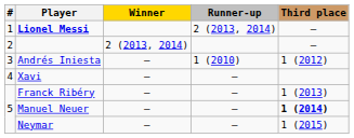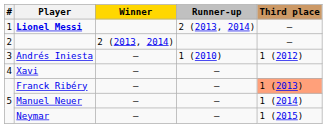 <table class="wikitable">
 <tr>
 <th>#</th>
 <th>Player</th>
 <th scope=col style="background-color: gold">Winner</th>
 <th scope=col style="background-color: silver">Runner-up</th>
 <th scope=col style="background-color: #cc9966">Third place</th>
 </tr>
 <tr>
 <td>1</td>
 <td><strong> <a href='#'>Lionel Messi</a></strong></td>
 <td></td>
 <td>2 (<a href='#'>2013</a>, <a href='#'>2014</a>)</td>
 <td style="text-align: center">—</td>
 </tr>
 <tr>
 <td>2</td>
 <td></td>
 <td>2 (<a href='#'>2013</a>, <a href='#'>2014</a>)</td>
 <td></td>
 <td style="text-align: center">—</td>
 </tr>
 <tr>
 <td>3</td>
 <td> <a href='#'>Andrés Iniesta</a></td>
 <td style="text-align: center">—</td>
 <td>1 (<a href='#'>2010</a>)</td>
 <td>1 (<a href='#'>2012</a>)</td>
 </tr>
 <tr>
 <td>4</td>
 <td> <a href='#'>Xavi</a></td>
 <td style="text-align: center">—</td>
 <td style="text-align: center">—</td>
 <td></td>
 </tr>
 <tr>
 <td rowspan="3">5</td>
 <td> <a href='#'>Franck Ribéry</a></td>
 <td style="text-align: center">—</td>
 <td style="text-align: center">—</td>
-<td>1 (<a href='#'>2013</a>)</td>
+<td style="background: lightsalmon;">1 (<a href='#'>2013</a>)</td>
 </tr>
 <tr>
 <td> <a href='#'>Manuel Neuer</a></td>
 <td style="text-align: center">—</td>
 <td style="text-align: center">—</td>
-<td><strong>1 (<a href='#'>2014</a>)</strong></td>
+<td>1 (<a href='#'>2014</a>)</td>
 </tr>
 <tr>
 <td> <a href='#'>Neymar</a></td>
 <td style="text-align: center">—</td>
 <td style="text-align: center">—</td>
 <td>1 (<a href='#'>2015</a>)</td>
 </tr>
 </table>
